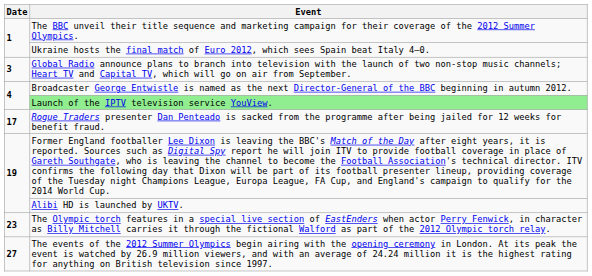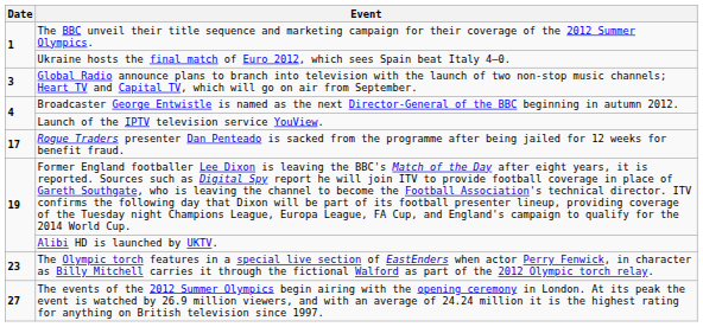 <table class="wikitable">
 <tr>
 <th>Date</th>
 <th>Event</th>
 </tr>
 <tr>
 <td rowspan=2><strong>1</strong></td>
 <td>The <a href='#'>BBC</a> unveil their title sequence and marketing campaign for their coverage of the <a href='#'>2012 Summer Olympics</a>.</td>
 </tr>
 <tr>
 <td>Ukraine hosts the <a href='#'>final match</a> of <a href='#'>Euro 2012</a>, which sees Spain beat Italy 4–0.</td>
 </tr>
 <tr>
 <td><strong>3</strong></td>
 <td><a href='#'>Global Radio</a> announce plans to branch into television with the launch of two non-stop music channels; <a href='#'>Heart TV</a> and <a href='#'>Capital TV</a>, which will go on air from September.</td>
 </tr>
 <tr>
 <td rowspan=2><strong>4</strong></td>
 <td>Broadcaster <a href='#'>George Entwistle</a> is named as the next <a href='#'>Director-General of the BBC</a> beginning in autumn 2012.</td>
 </tr>
 <tr>
-<td style="background: lightgreen;">Launch of the <a href='#'>IPTV</a> television service <a href='#'>YouView</a>.</td>
+<td>Launch of the <a href='#'>IPTV</a> television service <a href='#'>YouView</a>.</td>
 </tr>
 <tr>
 <td><strong>17</strong></td>
 <td><em><a href='#'>Rogue Traders</a></em> presenter <a href='#'>Dan Penteado</a> is sacked from the programme after being jailed for 12 weeks for benefit fraud.</td>
 </tr>
 <tr>
 <td rowspan=2><strong>19</strong></td>
 <td>Former England footballer <a href='#'>Lee Dixon</a> is leaving the BBC's <em><a href='#'>Match of the Day</a></em> after eight years, it is reported. Sources such as <em><a href='#'>Digital Spy</a></em> report he will join ITV to provide football coverage in place of <a href='#'>Gareth Southgate</a>, who is leaving the channel to become the <a href='#'>Football Association</a>'s technical director. ITV confirms the following day that Dixon will be part of its football presenter lineup, providing coverage of the Tuesday night Champions League, Europa League, FA Cup, and England's campaign to qualify for the 2014 World Cup.</td>
 </tr>
 <tr>
 <td><a href='#'>Alibi</a> HD is launched by <a href='#'>UKTV</a>.</td>
 </tr>
 <tr>
 <td><strong>23</strong></td>
 <td>The <a href='#'>Olympic torch</a> features in a <a href='#'>special live section</a> of <em><a href='#'>EastEnders</a></em> when actor <a href='#'>Perry Fenwick</a>, in character as <a href='#'>Billy Mitchell</a> carries it through the fictional <a href='#'>Walford</a> as part of the <a href='#'>2012 Olympic torch relay</a>.</td>
 </tr>
 <tr>
 <td><strong>27</strong></td>
 <td>The events of the <a href='#'>2012 Summer Olympics</a> begin airing with the <a href='#'>opening ceremony</a> in London. At its peak the event is watched by 26.9 million viewers, and with an average of 24.24 million it is the highest rating for anything on British television since 1997.</td>
 </tr>
 </table>
